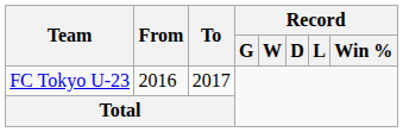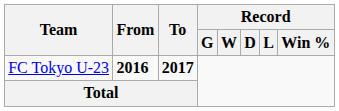 <table class="wikitable" style="text-align: center">
 <tr>
 <th rowspan="2">Team</th>
 <th rowspan="2">From</th>
 <th rowspan="2">To</th>
 <th colspan="5">Record</th>
 </tr>
 <tr>
 <th>G</th>
 <th>W</th>
 <th>D</th>
 <th>L</th>
 <th>Win %</th>
 </tr>
 <tr>
 <td align="left"><a href='#'>FC Tokyo U-23</a></td>
-<td align="left">2016</td>
-<td align="left">2017<br></td>
+<td align="left"><strong>2016</strong></td>
+<td align="left"><strong>2017<br></strong></td>
 </tr>
 <tr>
 <th colspan="3">Total<br></th>
 </tr>
 </table>
